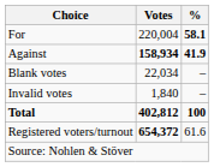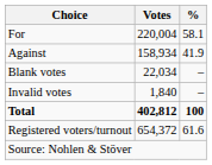 <table class=wikitable style=text-align:right>
 <tr>
 <th>Choice</th>
 <th>Votes</th>
 <th>%</th>
 </tr>
 <tr>
 <td align=left>For</td>
 <td>220,004</td>
-<td><strong>58.1</strong></td>
+<td>58.1</td>
 </tr>
 <tr>
 <td align=left>Against</td>
-<td><strong>158,934</strong></td>
-<td><strong>41.9</strong></td>
+<td>158,934</td>
+<td>41.9</td>
 </tr>
 <tr>
 <td align=left>Blank votes</td>
 <td>22,034</td>
 <td>–</td>
 </tr>
 <tr>
 <td align=left>Invalid votes</td>
 <td>1,840</td>
 <td>–</td>
 </tr>
 <tr>
 <td align=left><strong>Total</strong></td>
 <td><strong>402,812</strong></td>
 <td><strong>100</strong></td>
 </tr>
 <tr>
 <td align=left>Registered voters/turnout</td>
-<td><strong>654,372</strong></td>
+<td>654,372</td>
 <td>61.6</td>
 </tr>
 <tr>
 <td align=left colspan=3>Source: Nohlen & Stöver</td>
 </tr>
 </table>
